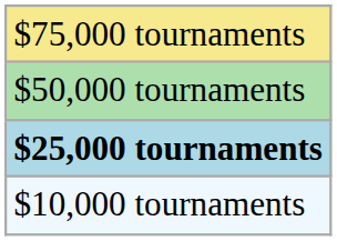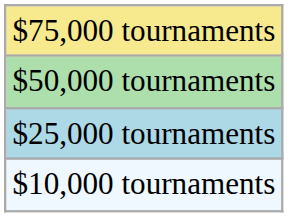 <table class="wikitable" style="font-size:85%;">
 <tr bgcolor="#F7E98E">
 <td>$75,000 tournaments</td>
 </tr>
 <tr bgcolor="#ADDFAD">
 <td>$50,000 tournaments</td>
 </tr>
 <tr bgcolor="lightblue">
-<td><strong>$25,000 tournaments</strong></td>
+<td>$25,000 tournaments</td>
 </tr>
 <tr bgcolor="#f0f8ff">
 <td>$10,000 tournaments</td>
 </tr>
 </table>
